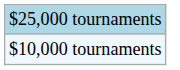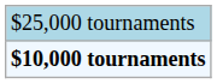 <table class="wikitable" style="font-size:85%;">
 <tr bgcolor="lightblue">
 <td>$25,000 tournaments</td>
 </tr>
 <tr bgcolor="#f0f8ff">
-<td>$10,000 tournaments</td>
+<td><strong>$10,000 tournaments</strong></td>
 </tr>
 </table>
